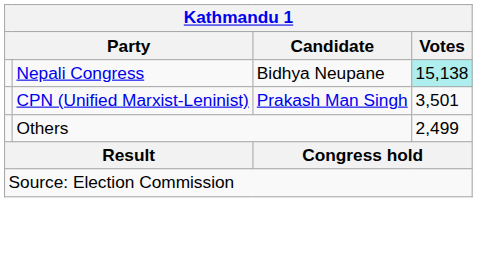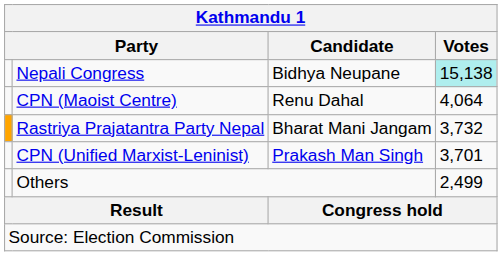 <table class="wikitable">
 <tr>
 <th colspan="4"><a href='#'>Kathmandu 1</a></th>
 </tr>
 <tr>
 <th colspan="2">Party</th>
 <th>Candidate</th>
 <th>Votes</th>
 </tr>
 <tr>
 <td style="background-color:"></td>
 <td><a href='#'>Nepali Congress</a></td>
 <td>Bidhya Neupane</td>
 <td style="background: paleturquoise;">15,138</td>
 </tr>
 <tr>
 <td style="background-color:"></td>
+<td><a href='#'>CPN (Maoist Centre)</a></td>
+<td>Renu Dahal</td>
+<td>4,064</td>
+</tr>
+<tr>
+<td style="background-color:orange"></td>
+<td><a href='#'>Rastriya Prajatantra Party Nepal</a></td>
+<td>Bharat Mani Jangam</td>
+<td>3,732</td>
+</tr>
+<tr>
+<td style="background-color:"></td>
 <td><a href='#'>CPN (Unified Marxist-Leninist)</a></td>
 <td><a href='#'>Prakash Man Singh</a></td>
-<td>3,501</td>
+<td>3,701</td>
 </tr>
 <tr>
 <td></td>
 <td colspan="2">Others</td>
 <td>2,499</td>
 </tr>
 <tr>
 <th colspan="2">Result</th>
 <th colspan="2">Congress hold</th>
 </tr>
 <tr>
 <td colspan="4">Source: Election Commission</td>
 </tr>
 </table>
